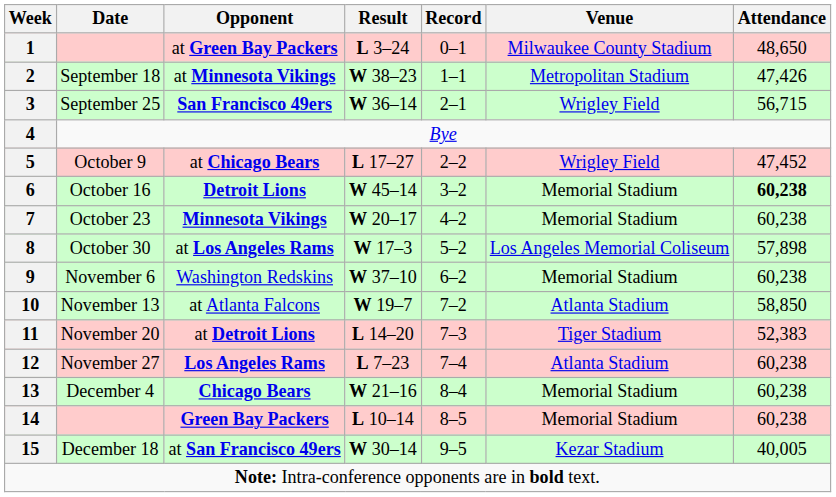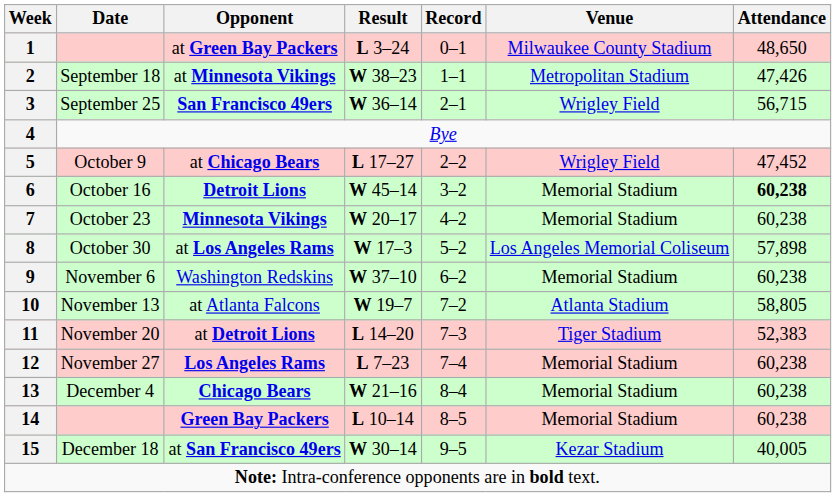 <table class="wikitable" style="text-align:center">
 <tr>
 <th>Week</th>
 <th>Date</th>
 <th>Opponent</th>
 <th>Result</th>
 <th>Record</th>
 <th>Venue</th>
 <th>Attendance</th>
 </tr>
 <tr style="background:#fcc">
 <th>1</th>
 <td></td>
 <td>at <strong><a href='#'>Green Bay Packers</a></strong></td>
 <td><strong>L</strong> 3–24</td>
 <td>0–1</td>
 <td><a href='#'>Milwaukee County Stadium</a></td>
 <td>48,650</td>
 </tr>
 <tr style="background:#cfc">
 <th>2</th>
 <td>September 18</td>
 <td>at <strong><a href='#'>Minnesota Vikings</a></strong></td>
 <td><strong>W</strong> 38–23</td>
 <td>1–1</td>
 <td><a href='#'>Metropolitan Stadium</a></td>
 <td>47,426</td>
 </tr>
 <tr style="background:#cfc">
 <th>3</th>
 <td>September 25</td>
 <td><strong><a href='#'>San Francisco 49ers</a></strong></td>
 <td><strong>W</strong> 36–14</td>
 <td>2–1</td>
 <td><a href='#'>Wrigley Field</a></td>
 <td>56,715</td>
 </tr>
 <tr style="background:">
 <th>4</th>
 <td colspan="6"><em><a href='#'>Bye</a></em></td>
 </tr>
 <tr style="background:#fcc">
 <th>5</th>
 <td>October 9</td>
 <td>at <strong><a href='#'>Chicago Bears</a></strong></td>
 <td><strong>L</strong> 17–27</td>
 <td>2–2</td>
 <td><a href='#'>Wrigley Field</a></td>
 <td>47,452</td>
 </tr>
 <tr style="background:#cfc">
 <th>6</th>
 <td>October 16</td>
 <td><strong><a href='#'>Detroit Lions</a></strong></td>
 <td><strong>W</strong> 45–14</td>
 <td>3–2</td>
 <td>Memorial Stadium</td>
 <td><strong>60,238</strong></td>
 </tr>
 <tr style="background:#cfc">
 <th>7</th>
 <td>October 23</td>
 <td><strong><a href='#'>Minnesota Vikings</a></strong></td>
 <td><strong>W</strong> 20–17</td>
 <td>4–2</td>
 <td>Memorial Stadium</td>
 <td>60,238</td>
 </tr>
 <tr style="background:#cfc">
 <th>8</th>
 <td>October 30</td>
 <td>at <strong><a href='#'>Los Angeles Rams</a></strong></td>
 <td><strong>W</strong> 17–3</td>
 <td>5–2</td>
 <td><a href='#'>Los Angeles Memorial Coliseum</a></td>
 <td>57,898</td>
 </tr>
 <tr style="background:#cfc">
 <th>9</th>
 <td>November 6</td>
 <td><a href='#'>Washington Redskins</a></td>
 <td><strong>W</strong> 37–10</td>
 <td>6–2</td>
 <td>Memorial Stadium</td>
 <td>60,238</td>
 </tr>
 <tr style="background:#cfc">
 <th>10</th>
 <td>November 13</td>
 <td>at <a href='#'>Atlanta Falcons</a></td>
 <td><strong>W</strong> 19–7</td>
 <td>7–2</td>
 <td><a href='#'>Atlanta Stadium</a></td>
-<td>58,850</td>
+<td>58,805</td>
 </tr>
 <tr style="background:#fcc">
 <th>11</th>
 <td>November 20</td>
 <td>at <strong><a href='#'>Detroit Lions</a></strong></td>
 <td><strong>L</strong> 14–20</td>
 <td>7–3</td>
 <td><a href='#'>Tiger Stadium</a></td>
 <td>52,383</td>
 </tr>
 <tr style="background:#fcc">
 <th>12</th>
 <td>November 27</td>
 <td><strong><a href='#'>Los Angeles Rams</a></strong></td>
 <td><strong>L</strong> 7–23</td>
 <td>7–4</td>
-<td><a href='#'>Atlanta Stadium</a></td>
+<td>Memorial Stadium</td>
 <td>60,238</td>
 </tr>
 <tr style="background:#cfc">
 <th>13</th>
 <td>December 4</td>
 <td><strong><a href='#'>Chicago Bears</a></strong></td>
 <td><strong>W</strong> 21–16</td>
 <td>8–4</td>
 <td>Memorial Stadium</td>
 <td>60,238</td>
 </tr>
 <tr style="background:#fcc">
 <th>14</th>
 <td></td>
 <td><strong><a href='#'>Green Bay Packers</a></strong></td>
 <td><strong>L</strong> 10–14</td>
 <td>8–5</td>
 <td>Memorial Stadium</td>
 <td>60,238</td>
 </tr>
 <tr style="background:#cfc">
 <th>15</th>
 <td>December 18</td>
 <td>at <strong><a href='#'>San Francisco 49ers</a></strong></td>
 <td><strong>W</strong> 30–14</td>
 <td>9–5</td>
 <td><a href='#'>Kezar Stadium</a></td>
 <td>40,005</td>
 </tr>
 <tr>
 <td colspan="8"><strong>Note:</strong> Intra-conference opponents are in <strong>bold</strong> text.</td>
 </tr>
 </table>
